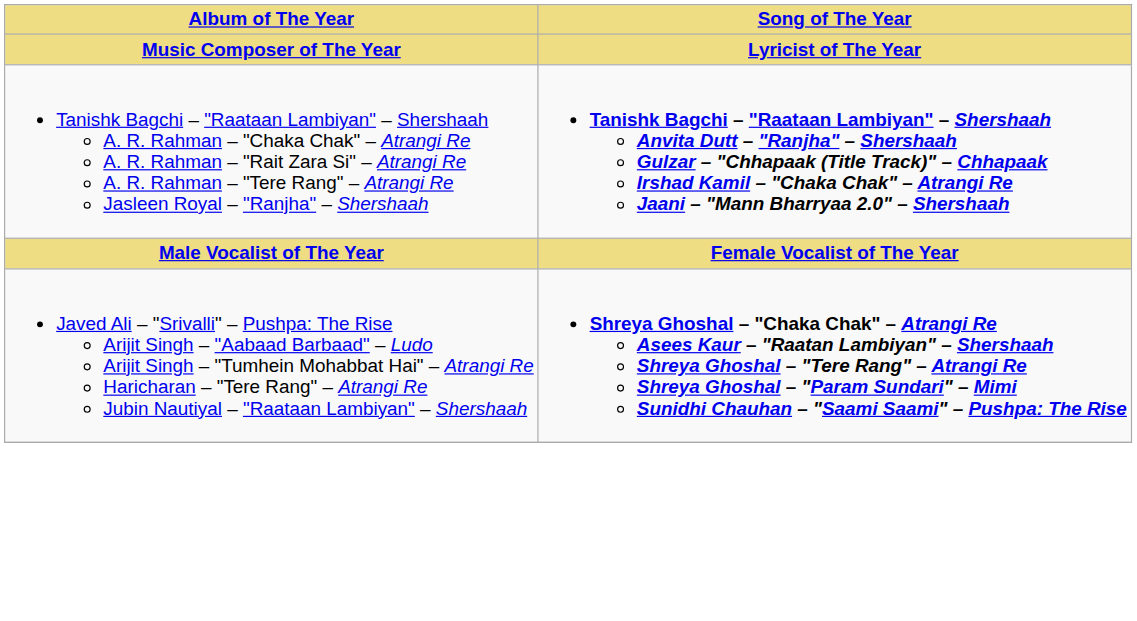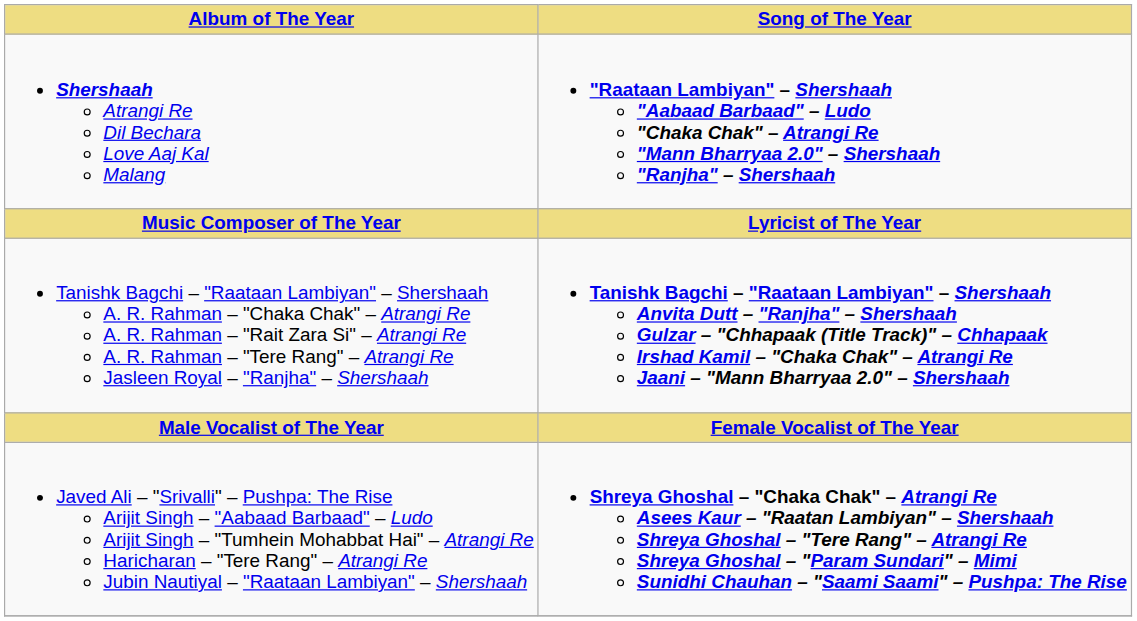 <table class="wikitable">
 <tr>
 <th ! style="background:#EEDD82;text-align:center;"><a href='#'>Album of The Year</a></th>
 <th ! style="background:#eedd82;text-align:center;"><a href='#'>Song of The Year</a></th>
+</tr>
+<tr>
+<td valign="top"><br><ul><li><strong><em><a href='#'>Shershaah</a></em></strong><ul><li><em><a href='#'>Atrangi Re</a></em></li><li><em><a href='#'>Dil Bechara</a></em></li><li><em><a href='#'>Love Aaj Kal</a></em></li><li><em><a href='#'>Malang</a></em></li></ul></li></ul></td>
+<td valign="top"><br><ul><li><strong><a href='#'>"Raataan Lambiyan"</a> – <em><a href='#'>Shershaah</a><strong><em><ul><li><a href='#'>"Aabaad Barbaad"</a> – </em><a href='#'>Ludo</a><em></li><li>"Chaka Chak" – </em><a href='#'>Atrangi Re</a><em></li><li><a href='#'>"Mann Bharryaa 2.0"</a> – </em><a href='#'>Shershaah</a><em></li><li><a href='#'>"Ranjha"</a> – </em><a href='#'>Shershaah</a><em></li></ul></li></ul></td>
 </tr>
 <tr>
 <th ! style="background:#eedd82; text-align:center;"><a href='#'>Music Composer of The Year</a></th>
 <th ! style="background:#eedd82; text-align:center;"><a href='#'>Lyricist of The Year</a></th>
 </tr>
 <tr>
 <td valign="top"><br><ul><li></strong><a href='#'>Tanishk Bagchi</a> – <a href='#'>"Raataan Lambiyan"</a> – </em><a href='#'>Shershaah</a></em></strong><ul><li><a href='#'>A. R. Rahman</a> – "Chaka Chak" – <em><a href='#'>Atrangi Re</a></em></li><li><a href='#'>A. R. Rahman</a> – "Rait Zara Si" – <em><a href='#'>Atrangi Re</a></em></li><li><a href='#'>A. R. Rahman</a> – "Tere Rang" – <em><a href='#'>Atrangi Re</a></em></li><li><a href='#'>Jasleen Royal</a> – <a href='#'>"Ranjha"</a> – <em><a href='#'>Shershaah</a></em></li></ul></li></ul></td>
 <td valign="top"><br><ul><li><strong><a href='#'>Tanishk Bagchi</a> – <a href='#'>"Raataan Lambiyan"</a> – <em><a href='#'>Shershaah</a><strong><em><ul><li><a href='#'>Anvita Dutt</a> – <a href='#'>"Ranjha"</a> – </em><a href='#'>Shershaah</a><em></li><li><a href='#'>Gulzar</a> – "Chhapaak (Title Track)" – </em><a href='#'>Chhapaak</a><em></li><li><a href='#'>Irshad Kamil</a> – "Chaka Chak" – </em><a href='#'>Atrangi Re</a><em></li><li><a href='#'>Jaani</a> – "Mann Bharryaa 2.0" – </em><a href='#'>Shershaah</a><em></li></ul></li></ul></td>
 </tr>
 <tr>
 <th ! style="background:#eedd82; text-align:center;"><a href='#'>Male Vocalist of The Year</a></th>
 <th ! style="background:#eedd82; text-align:center;"><a href='#'>Female Vocalist of The Year</a></th>
 </tr>
 <tr>
 <td valign="top"><br><ul><li></strong><a href='#'>Javed Ali</a> – "<a href='#'>Srivalli</a>" – </em><a href='#'>Pushpa: The Rise</a></em></strong><ul><li><a href='#'>Arijit Singh</a> – <a href='#'>"Aabaad Barbaad"</a> – <em><a href='#'>Ludo</a></em></li><li><a href='#'>Arijit Singh</a> – "Tumhein Mohabbat Hai" – <em><a href='#'>Atrangi Re</a></em></li><li><a href='#'>Haricharan</a> – "Tere Rang" – <em><a href='#'>Atrangi Re</a></em></li><li><a href='#'>Jubin Nautiyal</a> – <a href='#'>"Raataan Lambiyan"</a> – <em><a href='#'>Shershaah</a></em></li></ul></li></ul></td>
 <td valign="top"><br><ul><li><strong><a href='#'>Shreya Ghoshal</a> – "Chaka Chak" – <em><a href='#'>Atrangi Re</a><strong><em><ul><li><a href='#'>Asees Kaur</a> – "Raatan Lambiyan" – </em><a href='#'>Shershaah</a><em></li><li><a href='#'>Shreya Ghoshal</a> – "Tere Rang" – </em><a href='#'>Atrangi Re</a><em></li><li><a href='#'>Shreya Ghoshal</a> – "<a href='#'>Param Sundari</a>" – </em><a href='#'>Mimi</a><em></li><li><a href='#'>Sunidhi Chauhan</a> – "<a href='#'>Saami Saami</a>" – </em><a href='#'>Pushpa: The Rise</a><em></li></ul></li></ul></td>
 </tr>
 <tr>
 </tr>
 </table>
